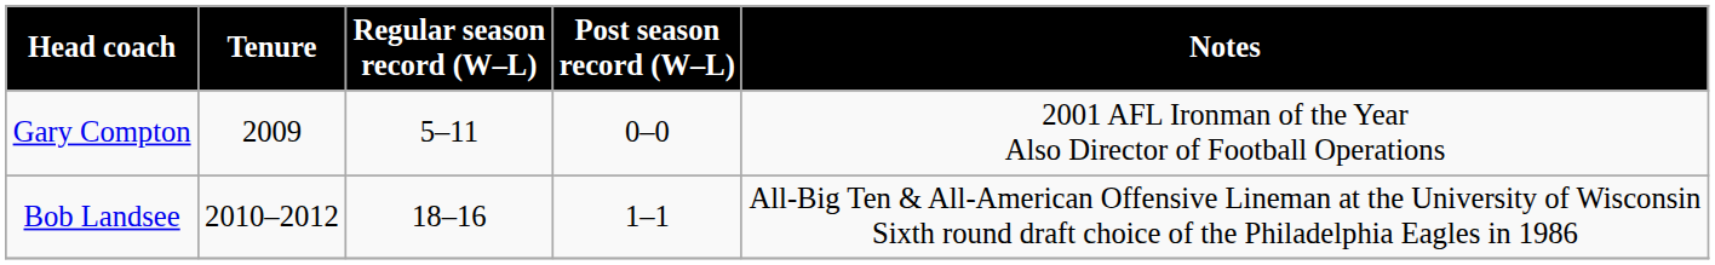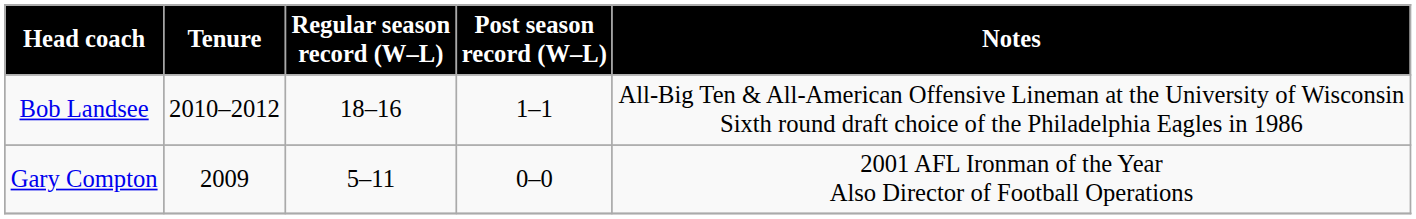 <table class="wikitable" style="text-align:center; font-size:90%;">
 <tr>
 <th style="background-color:black; color:#FFFFFF; ">Head coach</th>
 <th style="background-color:black; color:#FFFFFF; ">Tenure</th>
 <th style="background-color:black; color:#FFFFFF; ">Regular season<br>record (W–L)</th>
 <th style="background-color:black; color:#FFFFFF; ">Post season<br>record (W–L)</th>
 <th style="background-color:black; color:#FFFFFF; ">Notes</th>
 </tr>
 <tr>
+<td><a href='#'>Bob Landsee</a></td>
+<td>2010–2012</td>
+<td>18–16</td>
+<td>1–1</td>
+<td>All-Big Ten & All-American Offensive Lineman at the University of Wisconsin<br>Sixth round draft choice of the Philadelphia Eagles in 1986</td>
+</tr>
+<tr>
 <td><a href='#'>Gary Compton</a></td>
 <td>2009</td>
 <td>5–11</td>
 <td>0–0</td>
 <td>2001 AFL Ironman of the Year<br>Also Director of Football Operations</td>
 </tr>
 <tr>
-<td><a href='#'>Bob Landsee</a></td>
-<td>2010–2012</td>
-<td>18–16</td>
-<td>1–1</td>
-<td>All-Big Ten & All-American Offensive Lineman at the University of Wisconsin<br>Sixth round draft choice of the Philadelphia Eagles in 1986</td>
-</tr>
-<tr>
 </tr>
 </table>
